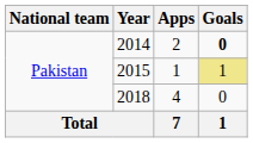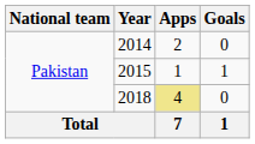 <table class="wikitable" style="text-align:center">
 <tr>
 <th>National team</th>
 <th>Year</th>
 <th>Apps</th>
 <th>Goals</th>
 </tr>
 <tr>
 <td rowspan="3"><a href='#'>Pakistan</a></td>
 <td>2014</td>
 <td>2</td>
-<td><strong>0</strong></td>
+<td>0</td>
 </tr>
 <tr>
 <td>2015</td>
 <td>1</td>
-<td style="background: khaki;">1</td>
+<td>1</td>
 </tr>
 <tr>
 <td>2018</td>
-<td>4</td>
+<td style="background: khaki;">4</td>
 <td>0</td>
 </tr>
 <tr>
 <th colspan="2">Total</th>
 <th>7</th>
 <th>1</th>
 </tr>
 </table>
